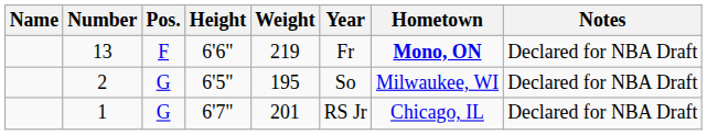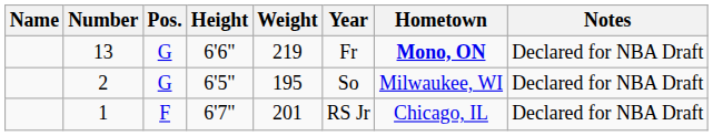 <table class="wikitable sortable sortable" style="text-align: center">
 <tr align=center>
 <th>Name</th>
 <th>Number</th>
 <th>Pos.</th>
 <th>Height</th>
 <th>Weight</th>
 <th>Year</th>
 <th>Hometown</th>
 <th>Notes</th>
 </tr>
 <tr>
 <td></td>
 <td>13</td>
-<td><a href='#'>F</a></td>
+<td><a href='#'>G</a></td>
 <td>6'6"</td>
 <td>219</td>
 <td>Fr</td>
 <td><strong><a href='#'>Mono, ON</a></strong></td>
 <td>Declared for NBA Draft</td>
 </tr>
 <tr>
 <td></td>
 <td>2</td>
 <td><a href='#'>G</a></td>
 <td>6'5"</td>
 <td>195</td>
 <td>So</td>
 <td><a href='#'>Milwaukee, WI</a></td>
 <td>Declared for NBA Draft</td>
 </tr>
 <tr>
 <td></td>
 <td>1</td>
-<td><a href='#'>G</a></td>
+<td><a href='#'>F</a></td>
 <td>6'7"</td>
 <td>201</td>
 <td>RS Jr</td>
 <td><a href='#'>Chicago, IL</a></td>
 <td>Declared for NBA Draft</td>
 </tr>
 </table>
